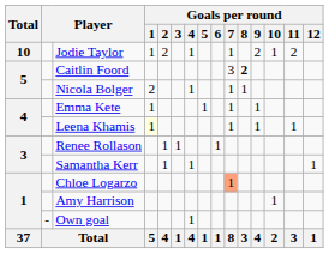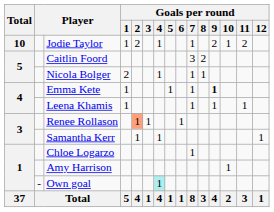 <table class="wikitable" style="text-align:center; line-height: 90%; font-size:90%;">
 <tr>
 <th rowspan="2">Total</th>
 <th rowspan="2" colspan="2">Player</th>
 <th colspan="12">Goals per round</th>
 </tr>
 <tr>
 <th>1</th>
 <th>2</th>
 <th>3</th>
 <th>4</th>
 <th>5</th>
 <th>6</th>
 <th>7</th>
 <th>8</th>
 <th>9</th>
 <th>10</th>
 <th>11</th>
 <th>12</th>
 </tr>
 <tr>
 <th rowspan="1">10</th>
 <td></td>
 <td style="text-align:left;"><a href='#'>Jodie Taylor</a></td>
 <td>1</td>
 <td>2</td>
 <td></td>
 <td>1</td>
 <td></td>
 <td></td>
 <td>1</td>
 <td></td>
 <td>2</td>
 <td>1</td>
 <td>2</td>
 <td></td>
 </tr>
 <tr>
 <th rowspan="2">5</th>
 <td></td>
 <td style="text-align:left;"><a href='#'>Caitlin Foord</a></td>
 <td></td>
 <td></td>
 <td></td>
 <td></td>
 <td></td>
 <td></td>
 <td>3</td>
-<td><strong>2</strong></td>
+<td>2</td>
 <td></td>
 <td></td>
 <td></td>
 <td></td>
 </tr>
 <tr>
 <td></td>
 <td style="text-align:left;"><a href='#'>Nicola Bolger</a></td>
 <td>2</td>
 <td></td>
 <td></td>
 <td>1</td>
 <td></td>
 <td></td>
 <td>1</td>
 <td>1</td>
 <td></td>
 <td></td>
 <td></td>
 <td></td>
 </tr>
 <tr>
 <th rowspan="2">4</th>
 <td></td>
 <td style="text-align:left;"><a href='#'>Emma Kete</a></td>
 <td>1</td>
 <td></td>
 <td></td>
 <td></td>
 <td>1</td>
 <td></td>
 <td>1</td>
 <td></td>
-<td>1</td>
+<td><strong>1</strong></td>
 <td></td>
 <td></td>
 <td></td>
 </tr>
 <tr>
 <td></td>
 <td style="text-align:left;"><a href='#'>Leena Khamis</a></td>
-<td style="background: lightyellow;">1</td>
+<td>1</td>
 <td></td>
 <td></td>
 <td></td>
 <td></td>
 <td></td>
 <td>1</td>
 <td></td>
 <td>1</td>
 <td></td>
 <td>1</td>
 <td></td>
 </tr>
 <tr>
 <th rowspan="2">3</th>
 <td></td>
 <td style="text-align:left;"><a href='#'>Renee Rollason</a></td>
 <td></td>
-<td>1</td>
+<td style="background: lightsalmon;">1</td>
 <td>1</td>
 <td></td>
 <td></td>
 <td>1</td>
 <td></td>
 <td></td>
 <td></td>
 <td></td>
 <td></td>
 <td></td>
 </tr>
 <tr>
 <td></td>
 <td style="text-align:left;"><a href='#'>Samantha Kerr</a></td>
 <td></td>
 <td>1</td>
 <td></td>
 <td>1</td>
 <td></td>
 <td></td>
 <td></td>
 <td></td>
 <td></td>
 <td></td>
 <td></td>
 <td>1</td>
 </tr>
 <tr>
 <th rowspan="3">1</th>
 <td></td>
 <td style="text-align:left;"><a href='#'>Chloe Logarzo</a></td>
 <td></td>
 <td></td>
 <td></td>
 <td></td>
 <td></td>
 <td></td>
-<td style="background: lightsalmon;">1</td>
+<td>1</td>
 <td></td>
 <td></td>
 <td></td>
 <td></td>
 <td></td>
 </tr>
 <tr>
 <td></td>
 <td style="text-align:left;"><a href='#'>Amy Harrison</a></td>
 <td></td>
 <td></td>
 <td></td>
 <td></td>
 <td></td>
 <td></td>
 <td></td>
 <td></td>
 <td></td>
 <td>1</td>
 <td></td>
 <td></td>
 </tr>
 <tr>
 <td>-</td>
 <td style="text-align:left;"><a href='#'>Own goal</a></td>
 <td></td>
 <td></td>
 <td></td>
-<td>1</td>
+<td style="background: paleturquoise;">1</td>
 <td></td>
 <td></td>
 <td></td>
 <td></td>
 <td></td>
 <td></td>
 <td></td>
 <td></td>
 </tr>
 <tr>
 <th rowspan="1">37</th>
 <th colspan="2">Total</th>
 <th style="text-align:center;">5</th>
 <th>4</th>
 <th>1</th>
 <th>4</th>
 <th>1</th>
 <th>1</th>
 <th>8</th>
 <th>3</th>
 <th>4</th>
 <th>2</th>
 <th>3</th>
 <th>1</th>
 </tr>
 </table>
